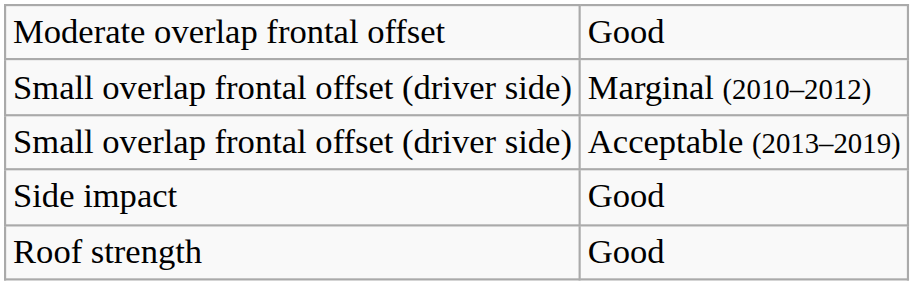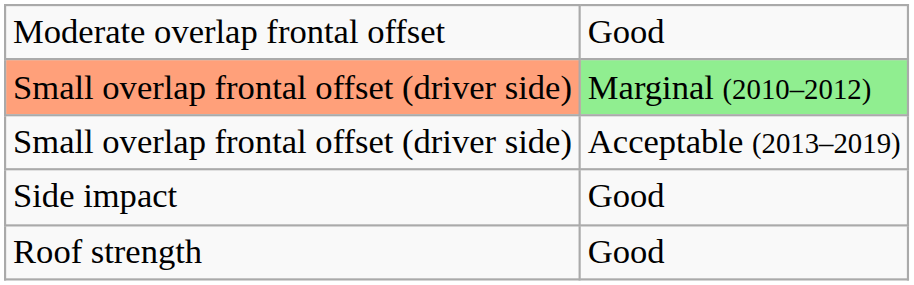 <table class="wikitable">
 <tr>
 <td>Moderate overlap frontal offset</td>
 <td>Good</td>
 </tr>
 <tr>
-<td>Small overlap frontal offset (driver side)</td>
-<td>Marginal <small>(2010–2012)</small></td>
+<td style="background: lightsalmon;">Small overlap frontal offset (driver side)</td>
+<td style="background: lightgreen;">Marginal <small>(2010–2012)</small></td>
 </tr>
 <tr>
 <td>Small overlap frontal offset (driver side)</td>
 <td>Acceptable <small>(2013–2019)</small></td>
 </tr>
 <tr>
 <td>Side impact</td>
 <td>Good</td>
 </tr>
 <tr>
 <td>Roof strength</td>
 <td>Good</td>
 </tr>
 </table>
